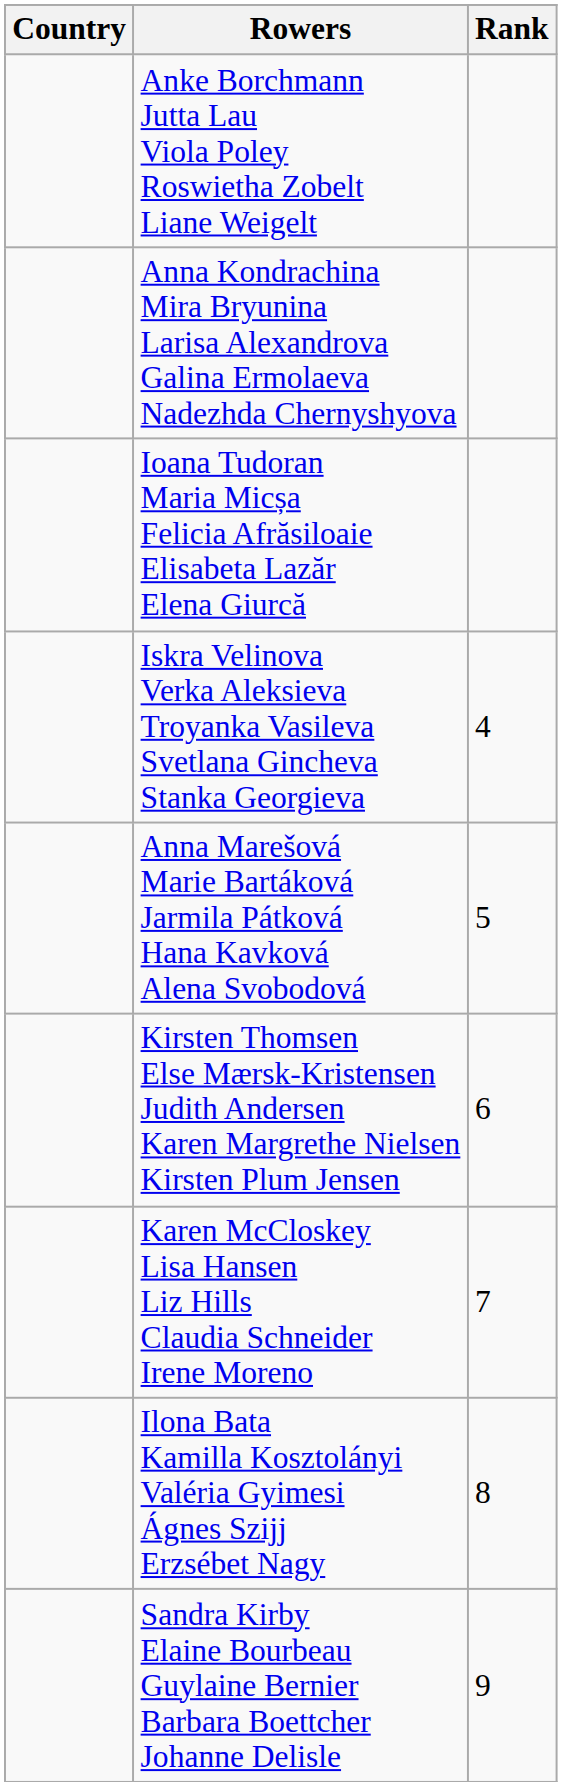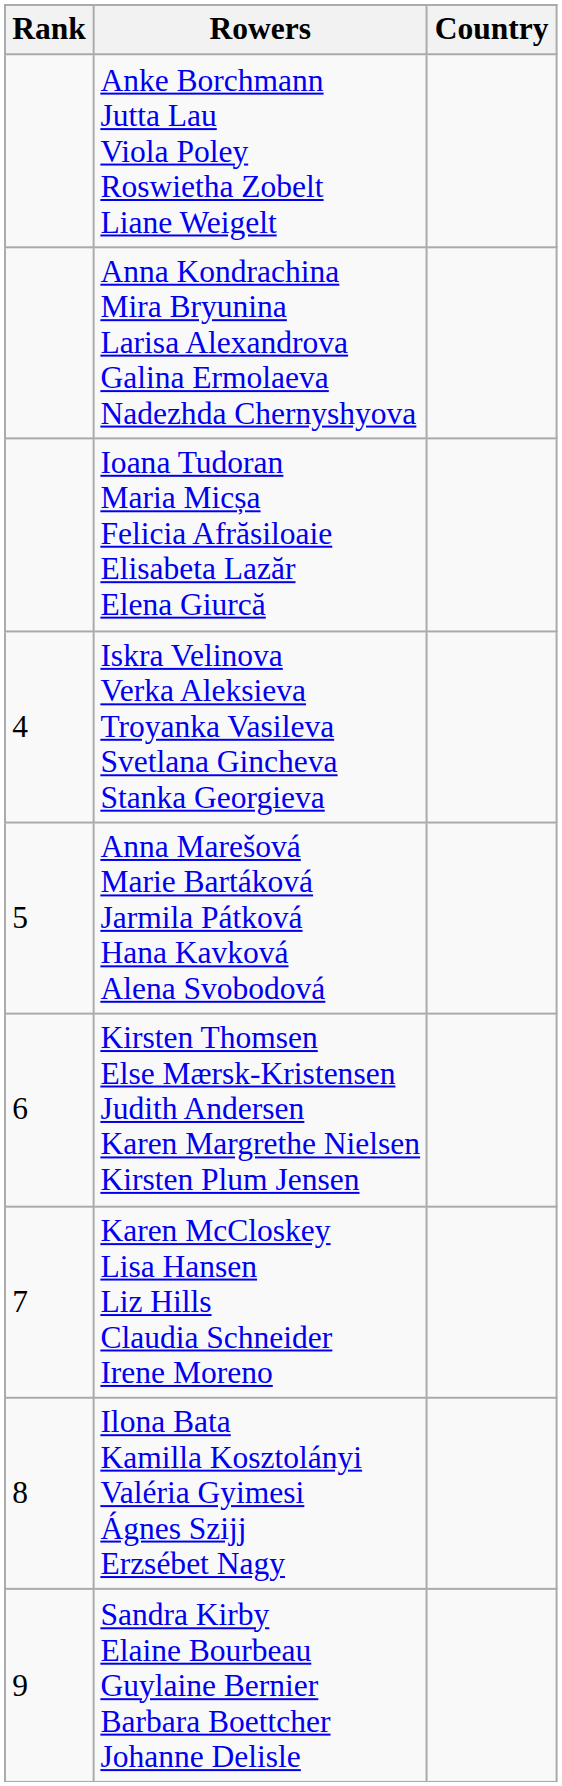 <table class="wikitable sortable">
 <tr>
+<th>Rank</th>
+<th>Rowers</th>
 <th>Country</th>
-<th>Rowers</th>
-<th>Rank</th>
 </tr>
 <tr>
 <td></td>
 <td><a href='#'>Anke Borchmann</a><br><a href='#'>Jutta Lau</a><br><a href='#'>Viola Poley</a><br><a href='#'>Roswietha Zobelt</a><br><a href='#'>Liane Weigelt</a></td>
 <td></td>
 </tr>
 <tr>
 <td></td>
 <td><a href='#'>Anna Kondrachina</a><br><a href='#'>Mira Bryunina</a><br><a href='#'>Larisa Alexandrova</a><br><a href='#'>Galina Ermolaeva</a><br><a href='#'>Nadezhda Chernyshyova</a></td>
 <td></td>
 </tr>
 <tr>
 <td></td>
 <td><a href='#'>Ioana Tudoran</a><br><a href='#'>Maria Micșa</a><br><a href='#'>Felicia Afrăsiloaie</a><br><a href='#'>Elisabeta Lazăr</a><br><a href='#'>Elena Giurcă</a></td>
 <td></td>
 </tr>
 <tr>
+<td>4</td>
+<td><a href='#'>Iskra Velinova</a><br><a href='#'>Verka Aleksieva</a><br><a href='#'>Troyanka Vasileva</a><br><a href='#'>Svetlana Gincheva</a><br><a href='#'>Stanka Georgieva</a></td>
 <td></td>
-<td><a href='#'>Iskra Velinova</a><br><a href='#'>Verka Aleksieva</a><br><a href='#'>Troyanka Vasileva</a><br><a href='#'>Svetlana Gincheva</a><br><a href='#'>Stanka Georgieva</a></td>
-<td>4</td>
 </tr>
 <tr>
+<td>5</td>
+<td><a href='#'>Anna Marešová</a><br><a href='#'>Marie Bartáková</a><br><a href='#'>Jarmila Pátková</a><br><a href='#'>Hana Kavková</a><br><a href='#'>Alena Svobodová</a></td>
 <td></td>
-<td><a href='#'>Anna Marešová</a><br><a href='#'>Marie Bartáková</a><br><a href='#'>Jarmila Pátková</a><br><a href='#'>Hana Kavková</a><br><a href='#'>Alena Svobodová</a></td>
-<td>5</td>
 </tr>
 <tr>
+<td>6</td>
+<td><a href='#'>Kirsten Thomsen</a><br><a href='#'>Else Mærsk-Kristensen</a><br><a href='#'>Judith Andersen</a><br><a href='#'>Karen Margrethe Nielsen</a><br><a href='#'>Kirsten Plum Jensen</a></td>
 <td></td>
-<td><a href='#'>Kirsten Thomsen</a><br><a href='#'>Else Mærsk-Kristensen</a><br><a href='#'>Judith Andersen</a><br><a href='#'>Karen Margrethe Nielsen</a><br><a href='#'>Kirsten Plum Jensen</a></td>
-<td>6</td>
 </tr>
 <tr>
+<td>7</td>
+<td><a href='#'>Karen McCloskey</a><br><a href='#'>Lisa Hansen</a><br><a href='#'>Liz Hills</a><br><a href='#'>Claudia Schneider</a><br><a href='#'>Irene Moreno</a></td>
 <td></td>
-<td><a href='#'>Karen McCloskey</a><br><a href='#'>Lisa Hansen</a><br><a href='#'>Liz Hills</a><br><a href='#'>Claudia Schneider</a><br><a href='#'>Irene Moreno</a></td>
-<td>7</td>
 </tr>
 <tr>
+<td>8</td>
+<td><a href='#'>Ilona Bata</a><br><a href='#'>Kamilla Kosztolányi</a><br><a href='#'>Valéria Gyimesi</a><br><a href='#'>Ágnes Szijj</a><br><a href='#'>Erzsébet Nagy</a></td>
 <td></td>
-<td><a href='#'>Ilona Bata</a><br><a href='#'>Kamilla Kosztolányi</a><br><a href='#'>Valéria Gyimesi</a><br><a href='#'>Ágnes Szijj</a><br><a href='#'>Erzsébet Nagy</a></td>
-<td>8</td>
 </tr>
 <tr>
+<td>9</td>
+<td><a href='#'>Sandra Kirby</a><br><a href='#'>Elaine Bourbeau</a><br><a href='#'>Guylaine Bernier</a><br><a href='#'>Barbara Boettcher</a><br><a href='#'>Johanne Delisle</a></td>
 <td></td>
-<td><a href='#'>Sandra Kirby</a><br><a href='#'>Elaine Bourbeau</a><br><a href='#'>Guylaine Bernier</a><br><a href='#'>Barbara Boettcher</a><br><a href='#'>Johanne Delisle</a></td>
-<td>9</td>
 </tr>
 </table>
